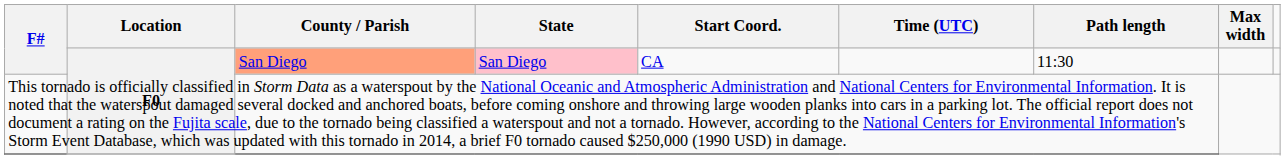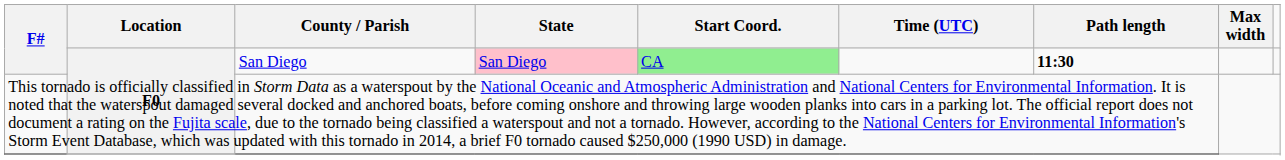 <table class="wikitable sortable" style="width:100%;">
 <tr>
 <th scope="col" align="center" rowspan="2"><a href='#'>F#</a></th>
 <th scope="col" align="center" class="unsortable">Location</th>
 <th scope="col" align="center" class="unsortable">County / Parish</th>
 <th scope="col" align="center">State</th>
 <th scope="col" align="center">Start Coord.</th>
 <th scope="col" align="center">Time (<a href='#'>UTC</a>)</th>
 <th scope="col" align="center">Path length</th>
 <th scope="col" align="center">Max width</th>
 </tr>
 <tr>
 <th scope="row" rowspan="2" style="background-color:#">F0</th>
-<td style="background: lightsalmon;"><a href='#'>San Diego</a></td>
+<td><a href='#'>San Diego</a></td>
 <td style="background: pink;"><a href='#'>San Diego</a></td>
-<td><a href='#'>CA</a></td>
+<td style="background: lightgreen;"><a href='#'>CA</a></td>
 <td></td>
-<td>11:30</td>
+<td><strong>11:30</strong></td>
 <td></td>
 <td></td>
 </tr>
 <tr class="expand-child">
 <td colspan="7" style="border-bottom: 1px solid black;">This tornado is officially classified in <em>Storm Data</em> as a waterspout by the <a href='#'>National Oceanic and Atmospheric Administration</a> and <a href='#'>National Centers for Environmental Information</a>. It is noted that the waterspout damaged several docked and anchored boats, before coming onshore and throwing large wooden planks into cars in a parking lot. The official report does not document a rating on the <a href='#'>Fujita scale</a>, due to the tornado being classified a waterspout and not a tornado. However, according to the <a href='#'>National Centers for Environmental Information</a>'s Storm Event Database, which was updated with this tornado in 2014, a brief F0 tornado caused $250,000 (1990 USD) in damage.</td>
 </tr>
 <tr>
 </tr>
 </table>
